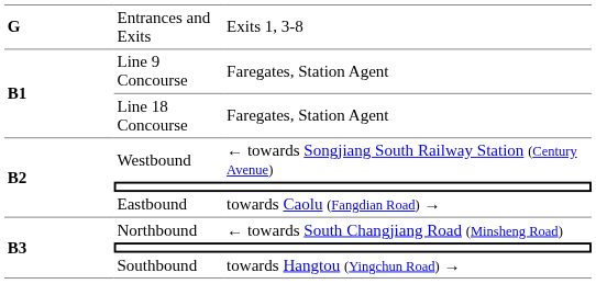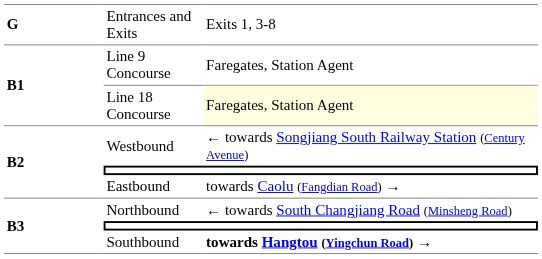 <table cellspacing=0 cellpadding=3>
 <tr>
 <td style="border-top:solid 1px gray;border-bottom:solid 1px gray;" width=100><strong>G</strong></td>
 <td style="border-top:solid 1px gray;border-bottom:solid 1px gray;" width=100>Entrances and Exits</td>
 <td style="border-top:solid 1px gray;border-bottom:solid 1px gray;" width=350>Exits 1, 3-8</td>
 </tr>
 <tr>
 <td style="border-bottom:solid 1px gray;" rowspan=2><strong>B1</strong></td>
 <td style="border-bottom:solid 1px gray;">Line 9 Concourse</td>
 <td style="border-bottom:solid 1px gray;">Faregates, Station Agent</td>
 </tr>
 <tr>
 <td style="border-bottom:solid 1px gray;">Line 18 Concourse</td>
-<td style="border-bottom:solid 1px gray;">Faregates, Station Agent</td>
+<td style="background: lightyellow; border-bottom:solid 1px gray;">Faregates, Station Agent</td>
 </tr>
 <tr>
 <td style="border-bottom:solid 1px gray;" rowspan=3><strong>B2</strong></td>
 <td>Westbound</td>
 <td>←  towards <a href='#'>Songjiang South Railway Station</a> <small>(<a href='#'>Century Avenue</a>)</small></td>
 </tr>
 <tr>
 <td style="border-right:solid 2px black;border-left:solid 2px black;border-top:solid 2px black;border-bottom:solid 2px black;" colspan=2></td>
 </tr>
 <tr>
 <td style="border-bottom:solid 1px gray;">Eastbound</td>
 <td style="border-bottom:solid 1px gray;">  towards <a href='#'>Caolu</a> <small>(<a href='#'>Fangdian Road</a>)</small> →</td>
 </tr>
 <tr>
 <td style="border-bottom:solid 1px gray;" rowspan=3><strong>B3</strong></td>
 <td>Northbound</td>
 <td>←  towards <a href='#'>South Changjiang Road</a> <small>(<a href='#'>Minsheng Road</a>)</small></td>
 </tr>
 <tr>
 <td style="border-right:solid 2px black;border-left:solid 2px black;border-top:solid 2px black;border-bottom:solid 2px black;" colspan=2></td>
 </tr>
 <tr>
 <td style="border-bottom:solid 1px gray;">Southbound</td>
-<td style="border-bottom:solid 1px gray;">  towards <a href='#'>Hangtou</a> <small>(<a href='#'>Yingchun Road</a>)</small> →</td>
+<td style="border-bottom:solid 1px gray;"><strong>  towards <a href='#'>Hangtou</a> <small>(<a href='#'>Yingchun Road</a>)</small> →</strong></td>
 </tr>
 </table>
